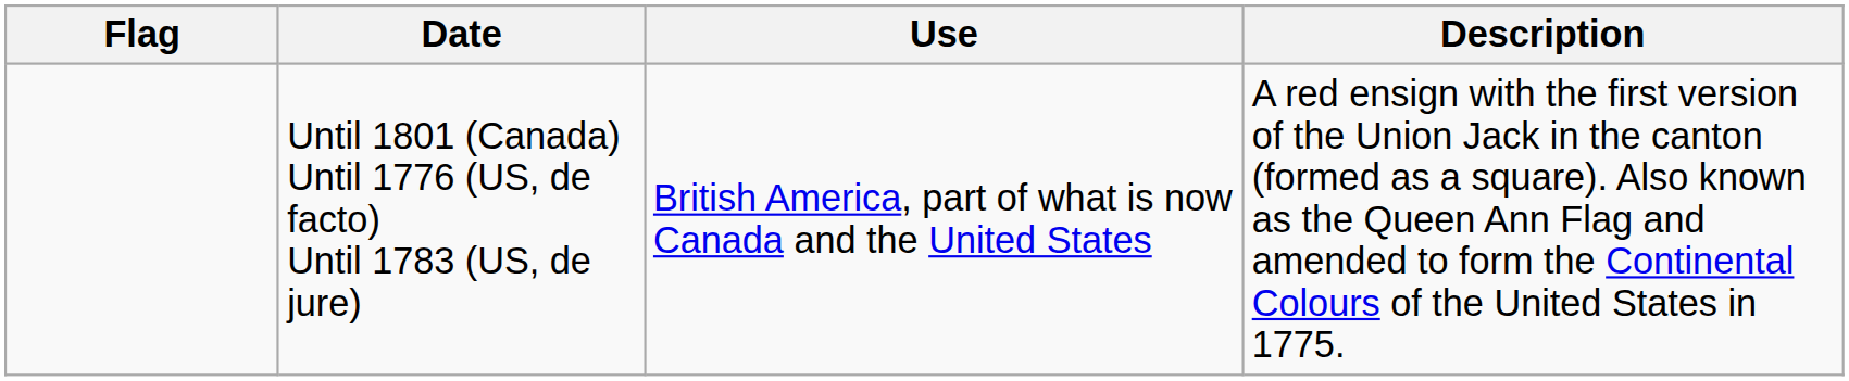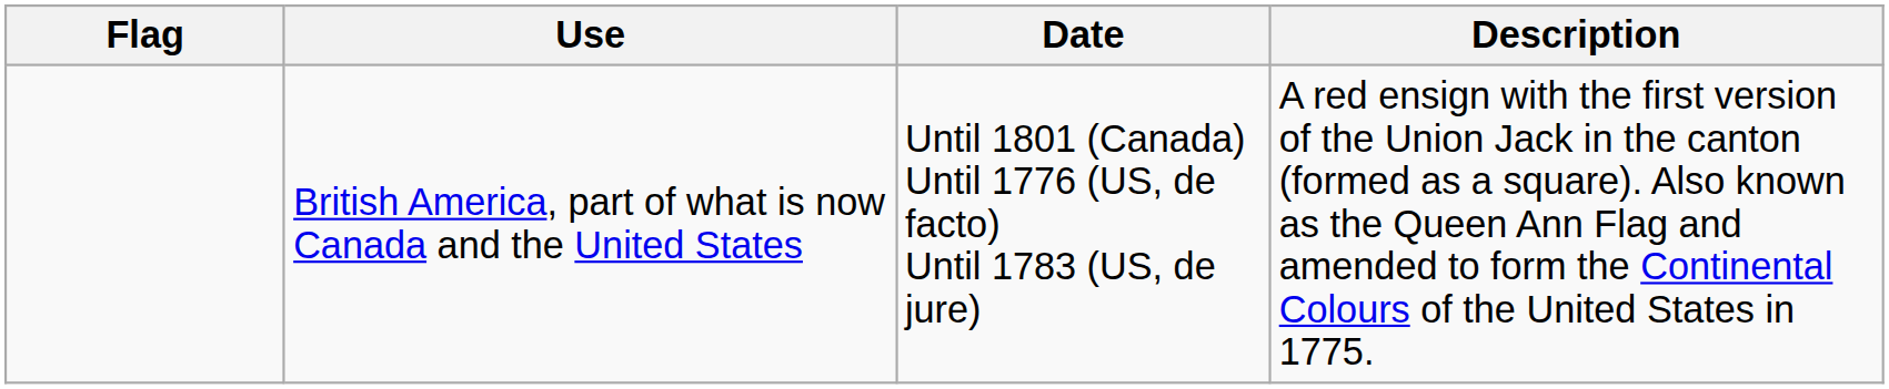 <table class="wikitable">
 <tr style="background:#efefef;">
 <th style="width:110px;">Flag</th>
+<th style="width:250px;">Use</th>
 <th style="width:150px;">Date</th>
-<th style="width:250px;">Use</th>
 <th style="width:250px;">Description</th>
 </tr>
 <tr>
 <td></td>
+<td><a href='#'>British America</a>, part of what is now <a href='#'>Canada</a> and the <a href='#'>United States</a></td>
 <td>Until 1801 (Canada) <br>Until 1776 (US, de facto) <br>Until 1783 (US, de jure)</td>
-<td><a href='#'>British America</a>, part of what is now <a href='#'>Canada</a> and the <a href='#'>United States</a></td>
 <td>A red ensign with the first version of the Union Jack in the canton (formed as a square). Also known as the Queen Ann Flag and amended to form the <a href='#'>Continental Colours</a> of the United States in 1775.</td>
 </tr>
 </table>
